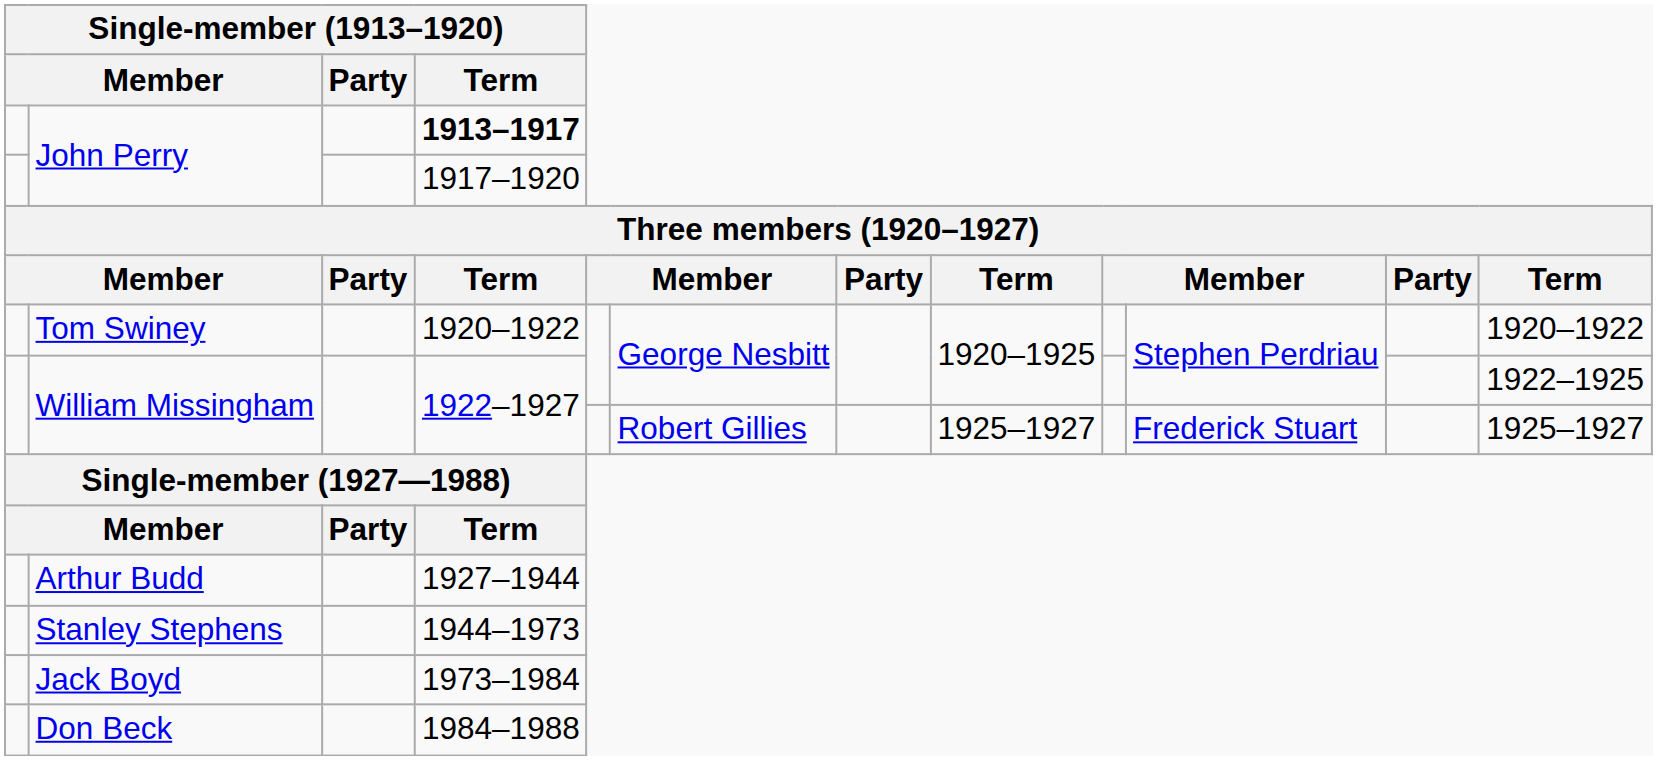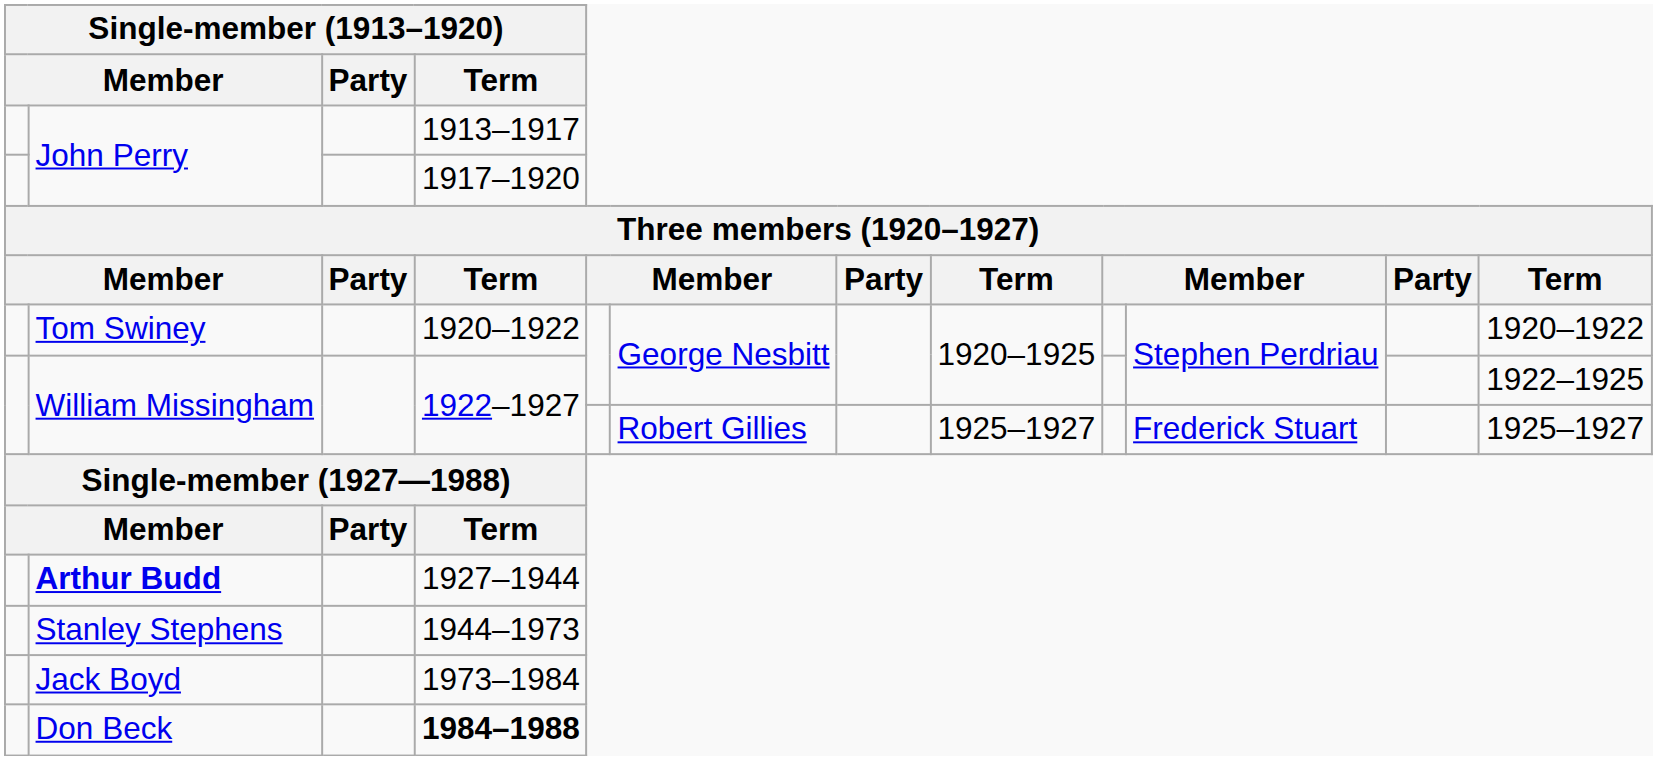 <table class="wikitable" style='border-style: none none none solid;'>
 <tr>
 <th colspan="4">Single-member (1913–1920)</th>
 </tr>
 <tr>
 <th colspan="2">Member</th>
 <th>Party</th>
 <th>Term</th>
 </tr>
 <tr style="background: #f9f9f9">
 <td> </td>
 <td rowspan="2"><a href='#'>John Perry</a></td>
 <td></td>
-<td><strong>1913–1917</strong></td>
+<td>1913–1917</td>
 </tr>
 <tr style="background: #f9f9f9">
 <td> </td>
 <td></td>
 <td>1917–1920</td>
 </tr>
 <tr>
 <th colspan="12">Three members (1920–1927)</th>
 </tr>
 <tr>
 <th colspan="2">Member</th>
 <th>Party</th>
 <th>Term</th>
 <th colspan="2">Member</th>
 <th>Party</th>
 <th>Term</th>
 <th colspan="2">Member</th>
 <th>Party</th>
 <th>Term</th>
 </tr>
 <tr style="background: #f9f9f9">
 <td> </td>
 <td><a href='#'>Tom Swiney</a></td>
 <td></td>
 <td>1920–1922</td>
 <td rowspan="2" > </td>
 <td rowspan="2"><a href='#'>George Nesbitt</a></td>
 <td rowspan="2"></td>
 <td rowspan="2">1920–1925</td>
 <td> </td>
 <td rowspan="2"><a href='#'>Stephen Perdriau</a></td>
 <td></td>
 <td>1920–1922</td>
 </tr>
 <tr style="background: #f9f9f9">
 <td rowspan="2" > </td>
 <td rowspan="2"><a href='#'>William Missingham</a></td>
 <td rowspan="2"></td>
 <td rowspan="2"><a href='#'>1922</a>–1927</td>
 <td> </td>
 <td></td>
 <td>1922–1925</td>
 </tr>
 <tr style="background: #f9f9f9">
 <td> </td>
 <td><a href='#'>Robert Gillies</a></td>
 <td></td>
 <td>1925–1927</td>
 <td> </td>
 <td><a href='#'>Frederick Stuart</a></td>
 <td></td>
 <td>1925–1927</td>
 </tr>
 <tr>
 <th colspan="4">Single-member (1927—1988)</th>
 </tr>
 <tr>
 <th colspan="2">Member</th>
 <th>Party</th>
 <th>Term</th>
 </tr>
 <tr style="background: #f9f9f9">
 <td> </td>
-<td><a href='#'>Arthur Budd</a></td>
+<td><strong><a href='#'>Arthur Budd</a></strong></td>
 <td></td>
 <td>1927–1944</td>
 </tr>
 <tr style="background: #f9f9f9">
 <td> </td>
 <td><a href='#'>Stanley Stephens</a></td>
 <td></td>
 <td>1944–1973</td>
 </tr>
 <tr style="background: #f9f9f9">
 <td> </td>
 <td><a href='#'>Jack Boyd</a></td>
 <td></td>
 <td>1973–1984</td>
 </tr>
 <tr style="background: #f9f9f9">
 <td> </td>
 <td><a href='#'>Don Beck</a></td>
 <td></td>
-<td>1984–1988</td>
+<td><strong>1984–1988</strong></td>
 </tr>
 </table>
